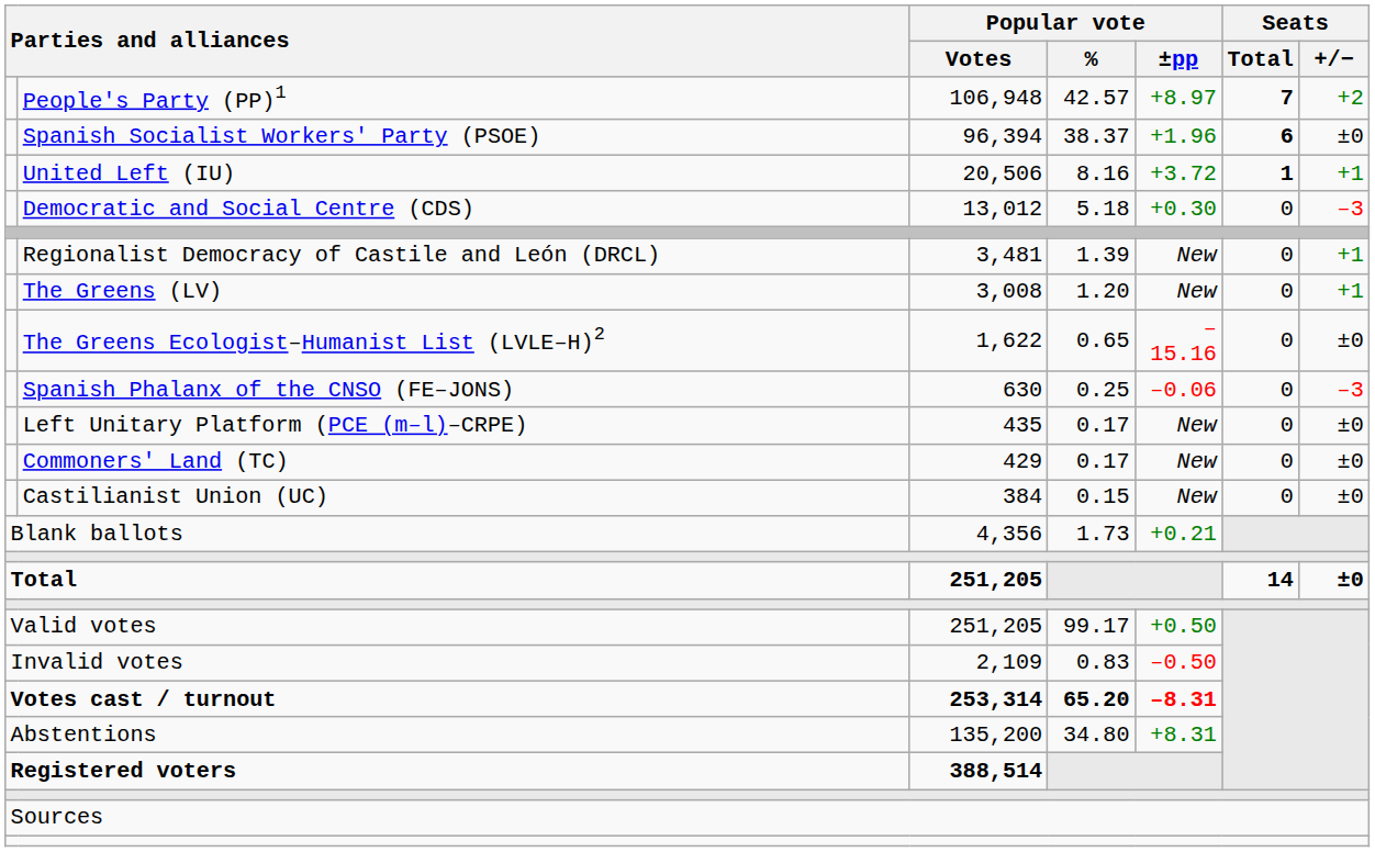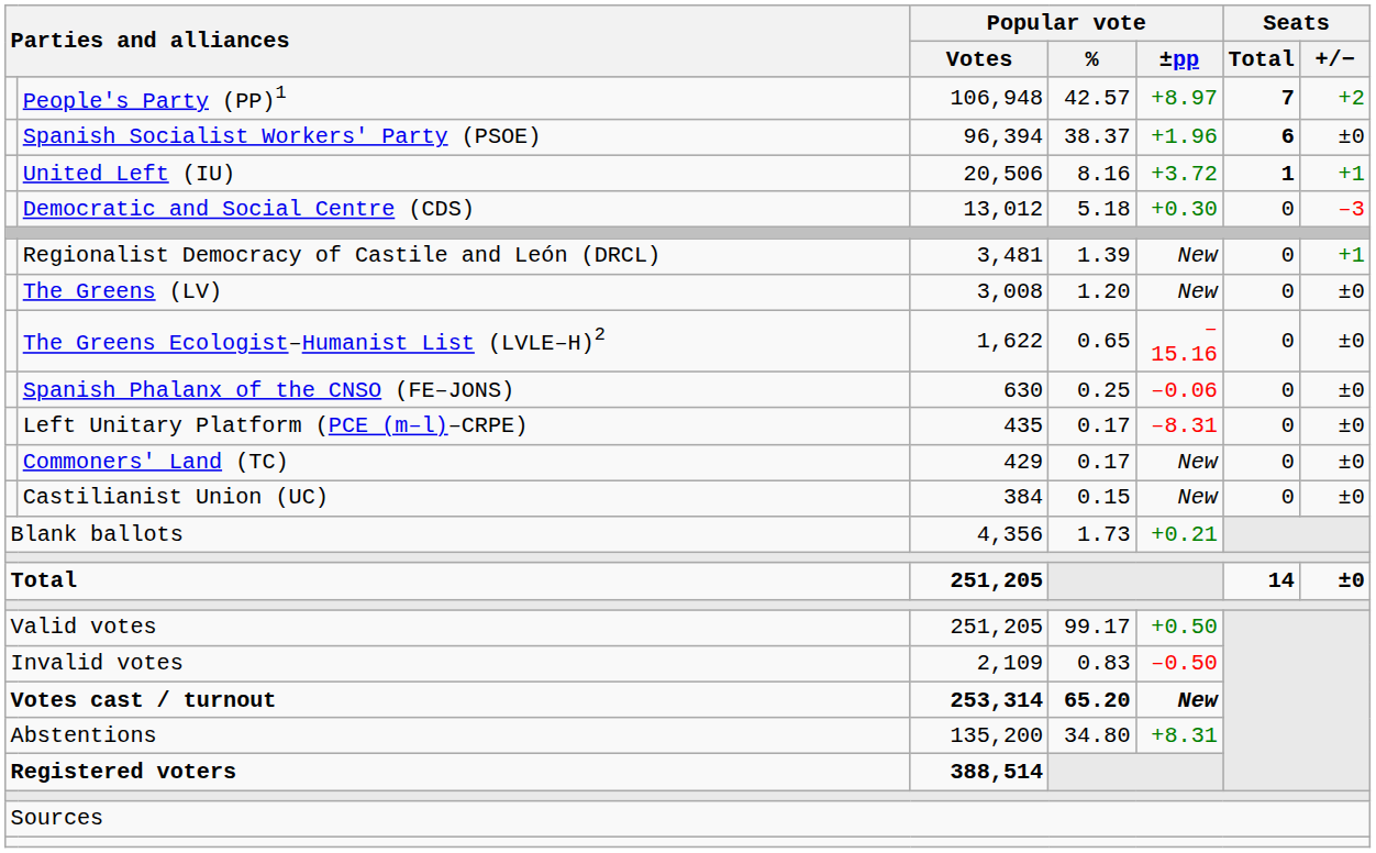 <table class="wikitable" style="text-align:right;">
 <tr>
 <th style="text-align:left;" rowspan="2" colspan="2" width="525">Parties and alliances</th>
 <th colspan="3">Popular vote</th>
 <th colspan="2">Seats</th>
 </tr>
 <tr>
 <th width="75">Votes</th>
 <th width="45">%</th>
 <th width="45">±<a href='#'>pp</a></th>
 <th width="35">Total</th>
 <th width="35">+/−</th>
 </tr>
 <tr>
 <td width="1" style="color:inherit;background:"></td>
 <td align="left"><a href='#'>People's Party</a> (PP)<sup>1</sup></td>
 <td>106,948</td>
 <td>42.57</td>
 <td style="color:green;">+8.97</td>
 <td><strong>7</strong></td>
 <td style="color:green;">+2</td>
 </tr>
 <tr>
 <td style="color:inherit;background:"></td>
 <td align="left"><a href='#'>Spanish Socialist Workers' Party</a> (PSOE)</td>
 <td>96,394</td>
 <td>38.37</td>
 <td style="color:green;">+1.96</td>
 <td><strong>6</strong></td>
 <td>±0</td>
 </tr>
 <tr>
 <td style="color:inherit;background:"></td>
 <td align="left"><a href='#'>United Left</a> (IU)</td>
 <td>20,506</td>
 <td>8.16</td>
 <td style="color:green;">+3.72</td>
 <td><strong>1</strong></td>
 <td style="color:green;">+1</td>
 </tr>
 <tr>
 <td style="color:inherit;background:"></td>
 <td align="left"><a href='#'>Democratic and Social Centre</a> (CDS)</td>
 <td>13,012</td>
 <td>5.18</td>
 <td style="color:green;">+0.30</td>
 <td>0</td>
 <td style="color:red;">–3</td>
 </tr>
 <tr>
 <td colspan="7" bgcolor="#C0C0C0"></td>
 </tr>
 <tr>
 <td style="color:inherit;background:"></td>
 <td align="left">Regionalist Democracy of Castile and León (DRCL)</td>
 <td>3,481</td>
 <td>1.39</td>
 <td><em>New</em></td>
 <td>0</td>
 <td style="color:green;">+1</td>
 </tr>
 <tr>
 <td style="color:inherit;background:"></td>
 <td align="left"><a href='#'>The Greens</a> (LV)</td>
 <td>3,008</td>
 <td>1.20</td>
 <td><em>New</em></td>
 <td>0</td>
-<td style="color:green;">+1</td>
+<td>±0</td>
 </tr>
 <tr>
 <td style="color:inherit;background:"></td>
 <td align="left"><a href='#'>The Greens Ecologist</a>–<a href='#'>Humanist List</a> (LVLE–H)<sup>2</sup></td>
 <td>1,622</td>
 <td>0.65</td>
 <td style="color:red;">–15.16</td>
 <td>0</td>
 <td>±0</td>
 </tr>
 <tr>
 <td style="color:inherit;background:"></td>
 <td align="left"><a href='#'>Spanish Phalanx of the CNSO</a> (FE–JONS)</td>
 <td>630</td>
 <td>0.25</td>
 <td style="color:red;">–0.06</td>
 <td>0</td>
-<td style="color:red;">–3</td>
+<td>±0</td>
 </tr>
 <tr>
 <td style="color:inherit;background:"></td>
 <td align="left">Left Unitary Platform (<a href='#'>PCE (m–l)</a>–CRPE)</td>
 <td>435</td>
 <td>0.17</td>
-<td><em>New</em></td>
+<td style="color:red;">–8.31</td>
 <td>0</td>
 <td>±0</td>
 </tr>
 <tr>
 <td style="color:inherit;background:"></td>
 <td align="left"><a href='#'>Commoners' Land</a> (TC)</td>
 <td>429</td>
 <td>0.17</td>
 <td><em>New</em></td>
 <td>0</td>
 <td>±0</td>
 </tr>
 <tr>
 <td style="color:inherit;background:"></td>
 <td align="left">Castilianist Union (UC)</td>
 <td>384</td>
 <td>0.15</td>
 <td><em>New</em></td>
 <td>0</td>
 <td>±0</td>
 </tr>
 <tr>
 <td align="left" colspan="2">Blank ballots</td>
 <td>4,356</td>
 <td>1.73</td>
 <td style="color:green;">+0.21</td>
 <td bgcolor="#E9E9E9" colspan="2"></td>
 </tr>
 <tr>
 <td colspan="7" bgcolor="#E9E9E9"></td>
 </tr>
 <tr style="font-weight:bold;">
 <td align="left" colspan="2">Total</td>
 <td>251,205</td>
 <td bgcolor="#E9E9E9" colspan="2"></td>
 <td>14</td>
 <td>±0</td>
 </tr>
 <tr>
 <td colspan="7" bgcolor="#E9E9E9"></td>
 </tr>
 <tr>
 <td align="left" colspan="2">Valid votes</td>
 <td>251,205</td>
 <td>99.17</td>
 <td style="color:green;">+0.50</td>
 <td bgcolor="#E9E9E9" colspan="2" rowspan="5"></td>
 </tr>
 <tr>
 <td align="left" colspan="2">Invalid votes</td>
 <td>2,109</td>
 <td>0.83</td>
 <td style="color:red;">–0.50</td>
 </tr>
 <tr style="font-weight:bold;">
 <td align="left" colspan="2">Votes cast / turnout</td>
 <td>253,314</td>
 <td>65.20</td>
-<td style="color:red;">–8.31</td>
+<td><em>New</em></td>
 </tr>
 <tr>
 <td align="left" colspan="2">Abstentions</td>
 <td>135,200</td>
 <td>34.80</td>
 <td style="color:green;">+8.31</td>
 </tr>
 <tr style="font-weight:bold;">
 <td align="left" colspan="2">Registered voters</td>
 <td>388,514</td>
 <td bgcolor="#E9E9E9" colspan="2"></td>
 </tr>
 <tr>
 <td colspan="7" bgcolor="#E9E9E9"></td>
 </tr>
 <tr>
 <td align="left" colspan="7">Sources</td>
 </tr>
 <tr>
 <td colspan="7" style="text-align:left; max-width:790px;"></td>
 </tr>
 </table>
